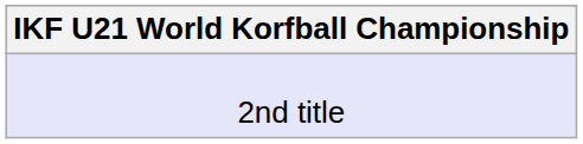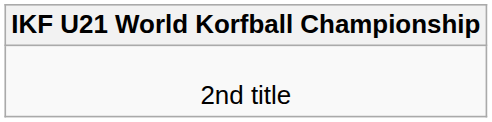 <table class=wikitable style="text-align:center; margin:auto">
 <tr>
 <th>IKF U21 World Korfball Championship</th>
 </tr>
 <tr>
-<td style="background: lavender;"> <br> 2nd title</td>
+<td> <br> 2nd title</td>
 </tr>
 </table>
